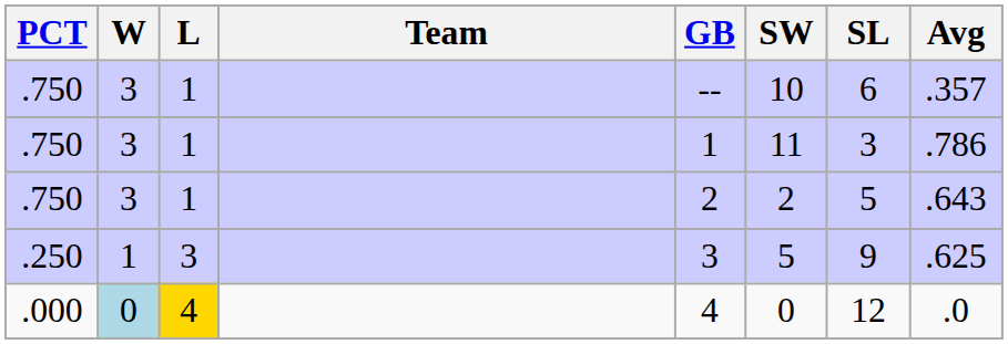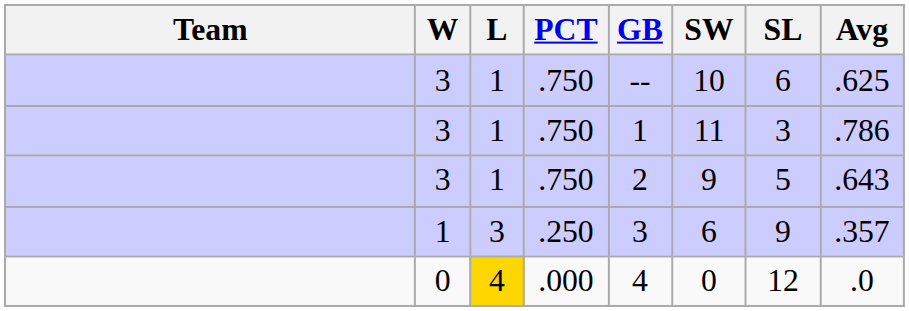 <table class=wikitable style="text-align:center;">
 <tr>
-<th width=35px><a href='#'>PCT</a></th>
+<th style="width:200px;">Team</th>
 <th width=20px>W</th>
 <th width=20px>L</th>
-<th style="width:200px;">Team</th>
+<th width=35px><a href='#'>PCT</a></th>
 <th width=25px><a href='#'>GB</a></th>
 <th width=30px>SW</th>
 <th width=30px>SL</th>
 <th width=35px>Avg</th>
 </tr>
 <tr style="background:#ccf;">
-<td>.750</td>
+<td align=left></td>
 <td>3</td>
 <td>1</td>
-<td align=left></td>
+<td>.750</td>
 <td>--</td>
 <td>10</td>
 <td>6</td>
-<td>.357</td>
+<td>.625</td>
 </tr>
 <tr style="background:#ccf;">
-<td>.750</td>
+<td align=left></td>
 <td>3</td>
 <td>1</td>
-<td align=left></td>
+<td>.750</td>
 <td>1</td>
 <td>11</td>
 <td>3</td>
 <td>.786</td>
 </tr>
 <tr style="background:#ccf;">
-<td>.750</td>
+<td align=left></td>
 <td>3</td>
 <td>1</td>
-<td align=left></td>
+<td>.750</td>
 <td>2</td>
-<td>2</td>
+<td>9</td>
 <td>5</td>
 <td>.643</td>
 </tr>
 <tr style="background:#ccf;">
-<td>.250</td>
+<td align=left></td>
 <td>1</td>
 <td>3</td>
-<td align=left></td>
+<td>.250</td>
 <td>3</td>
-<td>5</td>
+<td>6</td>
 <td>9</td>
-<td>.625</td>
+<td>.357</td>
 </tr>
 <tr>
+<td align=left></td>
+<td>0</td>
+<td style="background: gold;">4</td>
 <td>.000</td>
-<td style="background: lightblue;">0</td>
-<td style="background: gold;">4</td>
-<td align=left></td>
 <td>4</td>
 <td>0</td>
 <td>12</td>
 <td>.0</td>
 </tr>
 </table>
